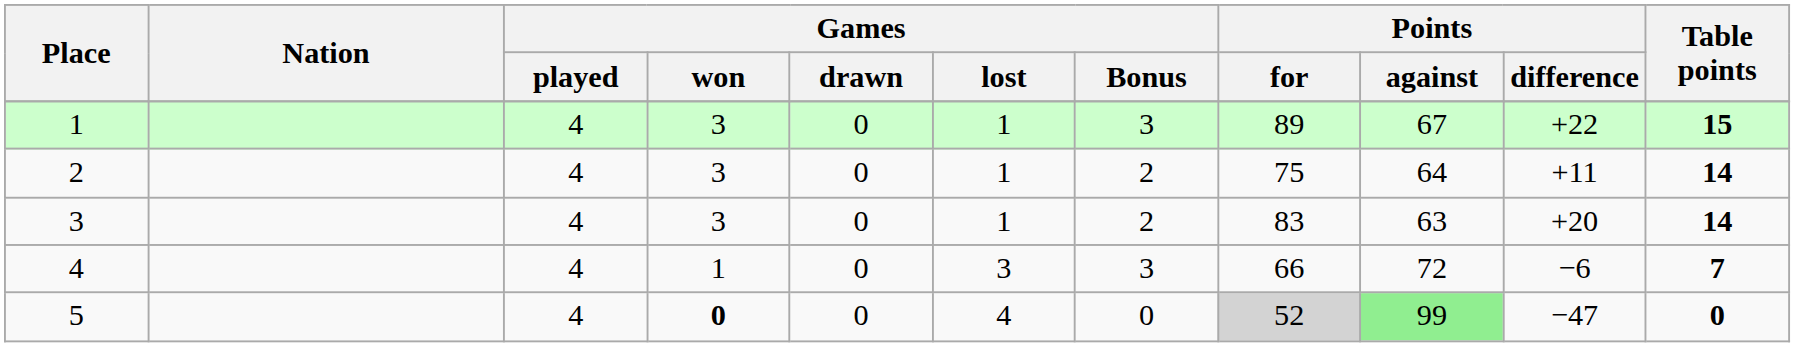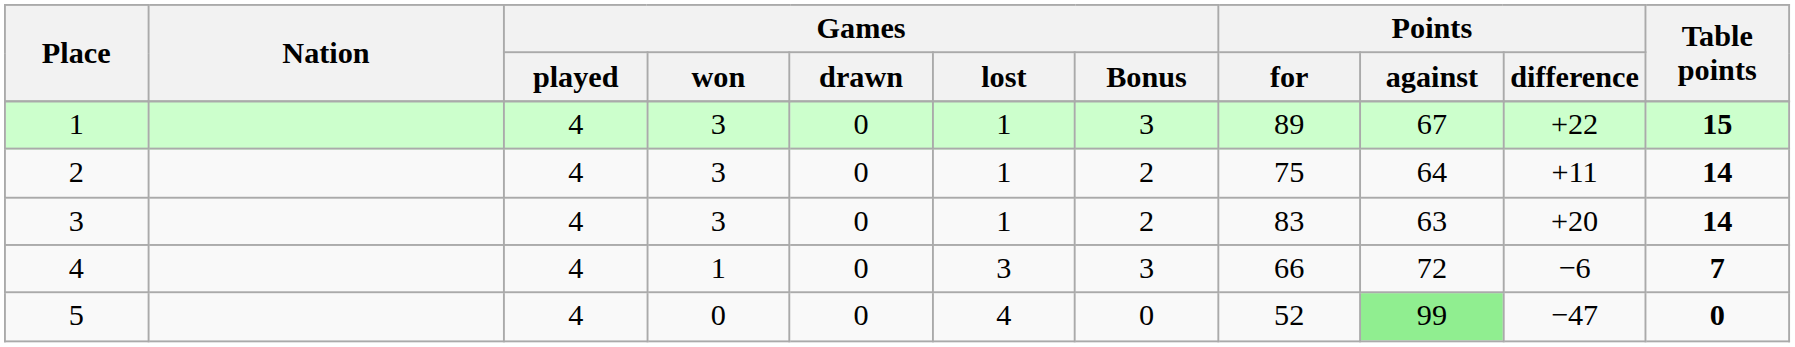 <table class="wikitable">
 <tr>
 <th rowspan=2 width="8%">Place</th>
 <th rowspan=2 width="20%">Nation</th>
 <th colspan=5 width="40%">Games</th>
 <th colspan=3 width="24%">Points</th>
 <th rowspan=2 width="10%">Table<br>points</th>
 </tr>
 <tr>
 <th width="8%">played</th>
 <th width="8%">won</th>
 <th width="8%">drawn</th>
 <th width="8%">lost</th>
 <th width="8%">Bonus</th>
 <th width="8%">for</th>
 <th width="8%">against</th>
 <th width="8%">difference</th>
 </tr>
 <tr>
 </tr>
 <tr align=center bgcolor="#ccffcc">
 <td>1</td>
 <td align=left></td>
 <td>4</td>
 <td>3</td>
 <td>0</td>
 <td>1</td>
 <td>3</td>
 <td>89</td>
 <td>67</td>
 <td>+22</td>
 <td><strong>15</strong></td>
 </tr>
 <tr align=center>
 <td>2</td>
 <td align=left></td>
 <td>4</td>
 <td>3</td>
 <td>0</td>
 <td>1</td>
 <td>2</td>
 <td>75</td>
 <td>64</td>
 <td>+11</td>
 <td><strong>14</strong></td>
 </tr>
 <tr align=center>
 <td>3</td>
 <td align=left></td>
 <td>4</td>
 <td>3</td>
 <td>0</td>
 <td>1</td>
 <td>2</td>
 <td>83</td>
 <td>63</td>
 <td>+20</td>
 <td><strong>14</strong></td>
 </tr>
 <tr align=center>
 <td>4</td>
 <td align=left></td>
 <td>4</td>
 <td>1</td>
 <td>0</td>
 <td>3</td>
 <td>3</td>
 <td>66</td>
 <td>72</td>
 <td>−6</td>
 <td><strong>7</strong></td>
 </tr>
 <tr align=center>
 <td>5</td>
 <td align=left></td>
 <td>4</td>
-<td><strong>0</strong></td>
+<td>0</td>
 <td>0</td>
 <td>4</td>
 <td>0</td>
-<td style="background: lightgrey;">52</td>
+<td>52</td>
 <td style="background: lightgreen;">99</td>
 <td>−47</td>
 <td><strong>0</strong></td>
 </tr>
 </table>
